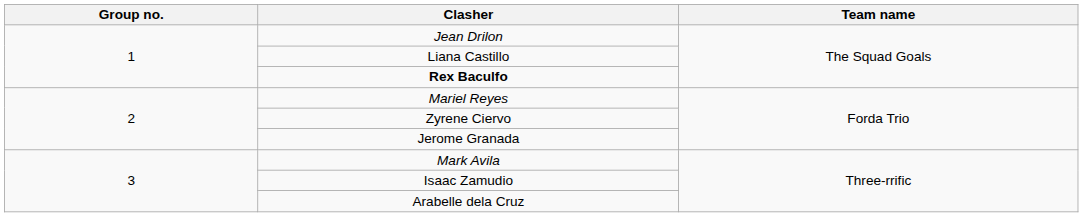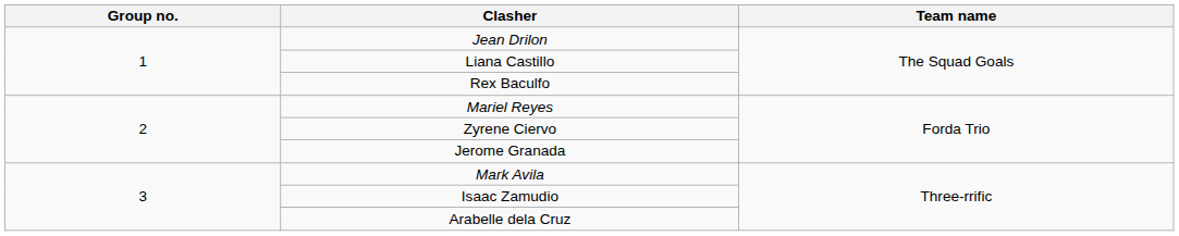 <table class="wikitable collapsible collapsed" style="text-align:center; line-height:17px; width:100%;">
 <tr>
 <th>Group no.</th>
 <th>Clasher</th>
 <th>Team name</th>
 </tr>
 <tr>
 <td rowspan="3">1</td>
 <td><em>Jean Drilon</em></td>
 <td rowspan="3">The Squad Goals</td>
 </tr>
 <tr>
 <td>Liana Castillo</td>
 </tr>
 <tr>
-<td><strong>Rex Baculfo</strong></td>
+<td>Rex Baculfo</td>
 </tr>
 <tr>
 <td rowspan="3">2</td>
 <td><em>Mariel Reyes</em></td>
 <td rowspan="3">Forda Trio</td>
 </tr>
 <tr>
 <td>Zyrene Ciervo</td>
 </tr>
 <tr>
 <td>Jerome Granada</td>
 </tr>
 <tr>
 <td rowspan="3">3</td>
 <td><em>Mark Avila</em></td>
 <td rowspan="3">Three-rrific</td>
 </tr>
 <tr>
 <td>Isaac Zamudio</td>
 </tr>
 <tr>
 <td>Arabelle dela Cruz</td>
 </tr>
 </table>
